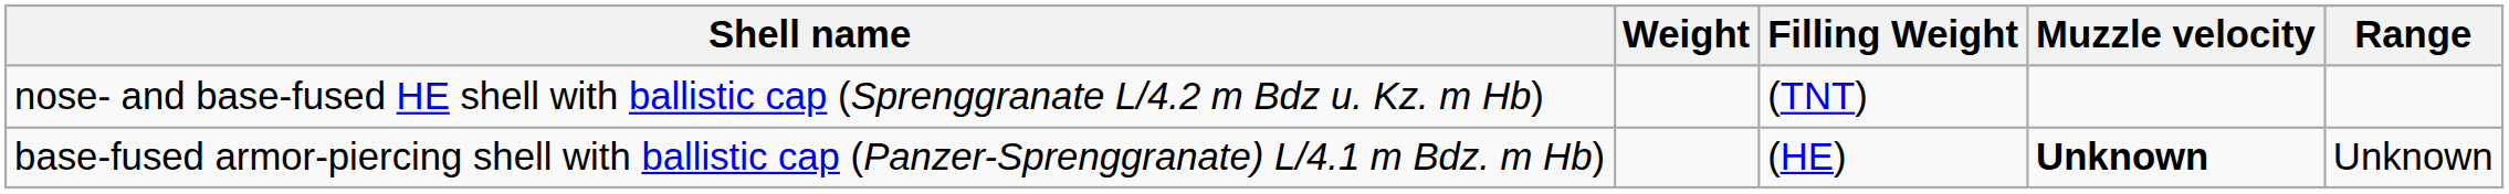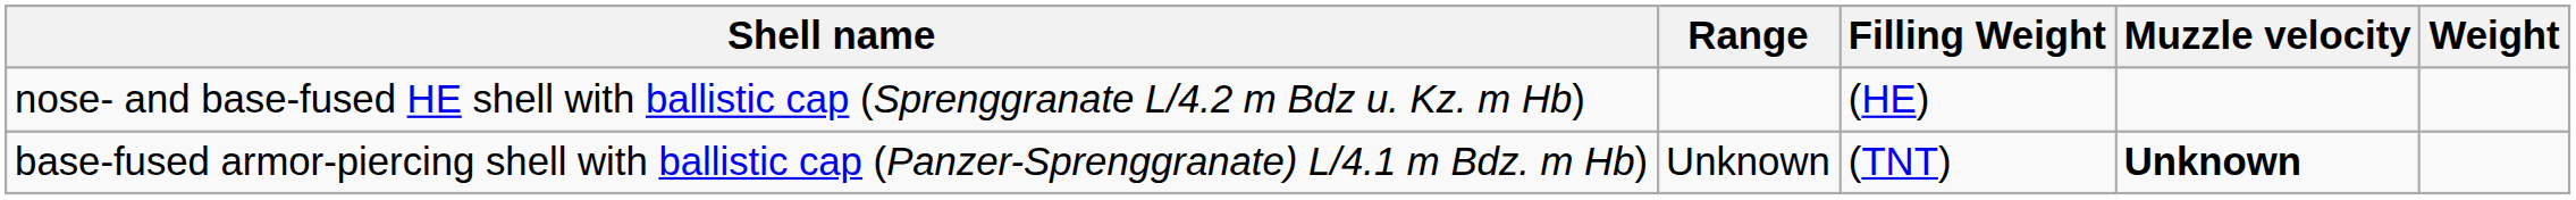 <table class="wikitable">
 <tr>
 <th>Shell name</th>
-<th>Weight</th>
+<th>Range</th>
 <th>Filling Weight</th>
 <th>Muzzle velocity</th>
-<th>Range</th>
+<th>Weight</th>
 </tr>
 <tr>
 <td>nose- and base-fused <a href='#'>HE</a> shell with <a href='#'>ballistic cap</a> (<em>Sprenggranate L/4.2 m Bdz u. Kz. m Hb</em>)</td>
 <td></td>
-<td> (<a href='#'>TNT</a>)</td>
+<td> (<a href='#'>HE</a>)</td>
 <td></td>
 <td></td>
 </tr>
 <tr>
 <td>base-fused armor-piercing shell with <a href='#'>ballistic cap</a> (<em>Panzer-Sprenggranate) L/4.1 m Bdz. m Hb</em>)</td>
+<td>Unknown</td>
+<td> (<a href='#'>TNT</a>)</td>
+<td><strong>Unknown</strong></td>
 <td></td>
-<td> (<a href='#'>HE</a>)</td>
-<td><strong>Unknown</strong></td>
-<td>Unknown</td>
 </tr>
 </table>
